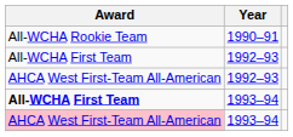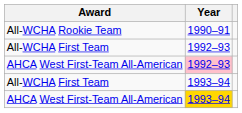 <table class="wikitable">
 <tr>
 <th>Award</th>
 <th>Year</th>
 <th></th>
 </tr>
 <tr>
 <td>All-<a href='#'>WCHA</a> <a href='#'>Rookie Team</a></td>
 <td><a href='#'>1990–91</a></td>
 <td></td>
 </tr>
 <tr>
 <td>All-<a href='#'>WCHA</a> <a href='#'>First Team</a></td>
 <td><a href='#'>1992–93</a></td>
 <td></td>
 </tr>
 <tr>
 <td><a href='#'>AHCA</a> <a href='#'>West First-Team All-American</a></td>
-<td><a href='#'>1992–93</a></td>
+<td style="background: pink;"><a href='#'>1992–93</a></td>
 <td></td>
 </tr>
 <tr>
-<td><strong>All-<a href='#'>WCHA</a> <a href='#'>First Team</a></strong></td>
+<td>All-<a href='#'>WCHA</a> <a href='#'>First Team</a></td>
 <td><a href='#'>1993–94</a></td>
 <td></td>
 </tr>
 <tr>
-<td style="background: pink;"><a href='#'>AHCA</a> <a href='#'>West First-Team All-American</a></td>
-<td><a href='#'>1993–94</a></td>
+<td><a href='#'>AHCA</a> <a href='#'>West First-Team All-American</a></td>
+<td style="background: gold;"><a href='#'>1993–94</a></td>
 <td></td>
 </tr>
 </table>
